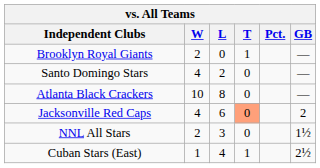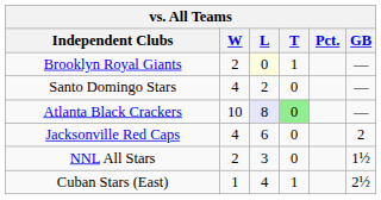 <table class="wikitable" width="400em" style="text-align:center;">
 <tr>
 <th colspan="6">vs. All Teams</th>
 </tr>
 <tr>
 <th width="58%">Independent Clubs</th>
 <th width="8%"><a href='#'>W</a></th>
 <th width="8%"><a href='#'>L</a></th>
 <th width="8%"><a href='#'>T</a></th>
 <th width="10%"><a href='#'>Pct.</a></th>
 <th width="8%"><a href='#'>GB</a></th>
 </tr>
 <tr>
 <td><a href='#'>Brooklyn Royal Giants</a></td>
 <td>2</td>
-<td>0</td>
+<td style="background: lightyellow;">0</td>
 <td>1</td>
 <td></td>
 <td>—</td>
 </tr>
 <tr>
 <td>Santo Domingo Stars</td>
 <td>4</td>
 <td>2</td>
 <td>0</td>
 <td></td>
 <td>—</td>
 </tr>
 <tr>
 <td><a href='#'>Atlanta Black Crackers</a></td>
 <td>10</td>
-<td>8</td>
-<td>0</td>
+<td style="background: lavender;">8</td>
+<td style="background: lightgreen;">0</td>
 <td></td>
 <td>—</td>
 </tr>
 <tr>
 <td><a href='#'>Jacksonville Red Caps</a></td>
 <td>4</td>
 <td>6</td>
-<td style="background: lightsalmon;">0</td>
+<td>0</td>
 <td></td>
 <td>2</td>
 </tr>
 <tr>
 <td><a href='#'>NNL</a> All Stars</td>
 <td>2</td>
 <td>3</td>
 <td>0</td>
 <td></td>
 <td>1½</td>
 </tr>
 <tr>
 <td>Cuban Stars (East)</td>
 <td>1</td>
 <td>4</td>
 <td>1</td>
 <td></td>
 <td>2½</td>
 </tr>
 </table>
